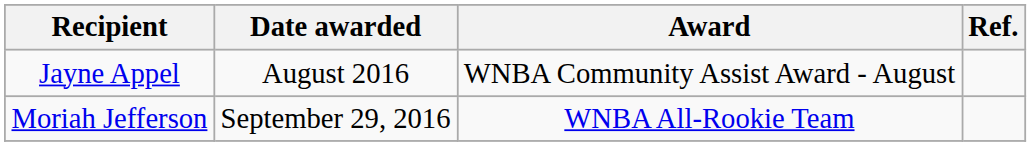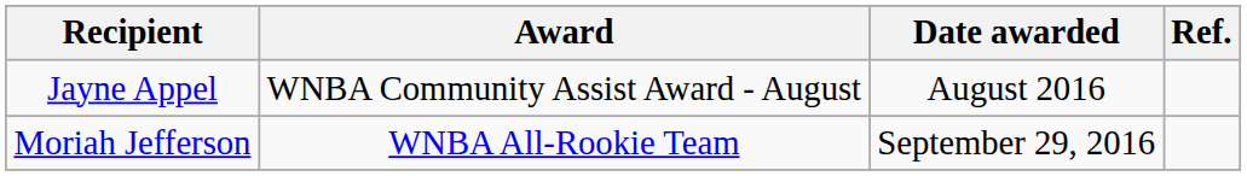 <table class="wikitable sortable sortable" style="text-align: center">
 <tr>
 <th>Recipient</th>
+<th>Award</th>
 <th>Date awarded</th>
-<th>Award</th>
 <th>Ref.</th>
 </tr>
 <tr>
 <td><a href='#'>Jayne Appel</a></td>
+<td>WNBA Community Assist Award - August</td>
 <td>August 2016</td>
-<td>WNBA Community Assist Award - August</td>
 <td></td>
 </tr>
 <tr>
 <td><a href='#'>Moriah Jefferson</a></td>
+<td><a href='#'>WNBA All-Rookie Team</a></td>
 <td>September 29, 2016</td>
-<td><a href='#'>WNBA All-Rookie Team</a></td>
 <td></td>
 </tr>
 </table>
